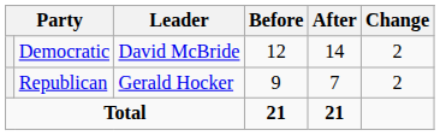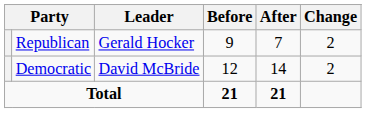 <table class="wikitable" style="text-align:center;">
 <tr>
 </tr>
 <tr>
 <th colspan=2>Party</th>
 <th>Leader</th>
 <th>Before</th>
 <th>After</th>
 <th>Change</th>
 </tr>
 <tr>
 <th style="background-color:"></th>
+<td style="text-align:left;"><a href='#'>Republican</a></td>
+<td style="text-align:left;"><a href='#'>Gerald Hocker</a></td>
+<td>9</td>
+<td>7</td>
+<td> 2</td>
+</tr>
+<tr>
+<th style="background-color:"></th>
 <td style="text-align:left;"><a href='#'>Democratic</a></td>
 <td style="text-align:left;"><a href='#'>David McBride</a></td>
 <td>12</td>
 <td>14</td>
-<td> 2</td>
-</tr>
-<tr>
-<th style="background-color:"></th>
-<td style="text-align:left;"><a href='#'>Republican</a></td>
-<td style="text-align:left;"><a href='#'>Gerald Hocker</a></td>
-<td>9</td>
-<td>7</td>
 <td> 2</td>
 </tr>
 <tr>
 <td colspan=3><strong>Total</strong></td>
 <td><strong>21</strong></td>
 <td><strong>21</strong></td>
 <td></td>
 </tr>
 </table>
